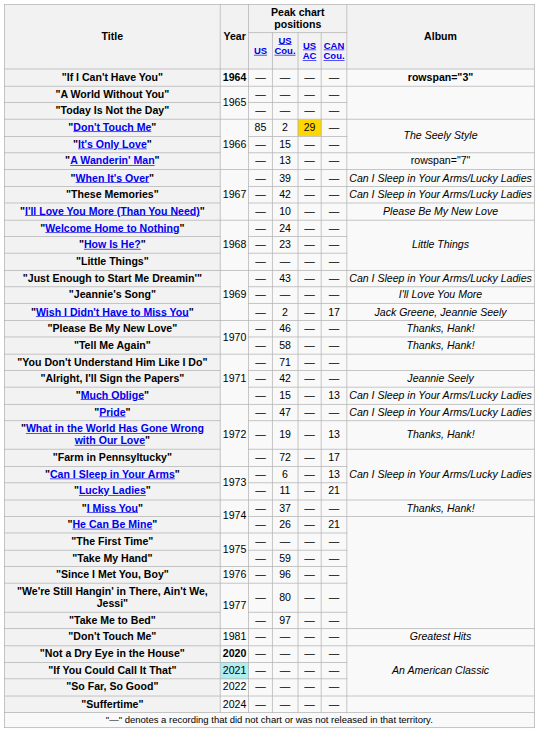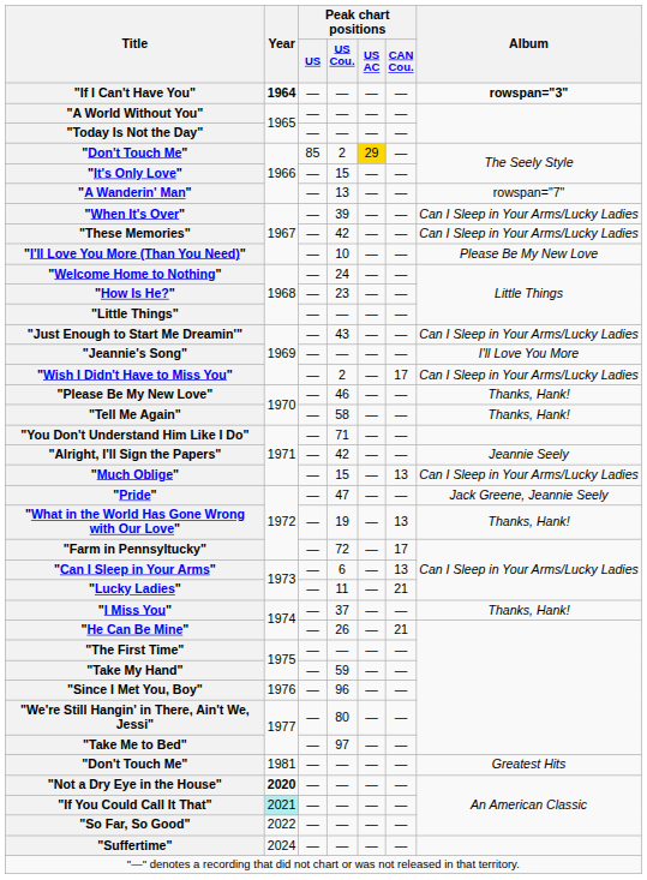 <table class="wikitable plainrowheaders" style="text-align:center;" border="1">
 <tr>
 <th scope="col" rowspan="2" style="width:20em;">Title</th>
 <th scope="col" rowspan="2">Year</th>
 <th scope="col" colspan="4">Peak chart positions</th>
 <th scope="col" rowspan="2">Album</th>
 </tr>
 <tr>
 <th scope="col" style="width:2em;font-size:90%;"><a href='#'>US</a><br></th>
 <th scope="col" style="width:2em;font-size:90%;"><a href='#'>US<br>Cou.</a><br><br></th>
 <th scope="col" style="width:2em;font-size:90%;"><a href='#'>US<br>AC</a><br></th>
 <th scope="col" style="width:2em;font-size:90%;"><a href='#'>CAN<br>Cou.</a><br></th>
 </tr>
 <tr>
 <th scope="row">"If I Can't Have You"</th>
 <td><strong>1964</strong></td>
 <td>—</td>
 <td>—</td>
 <td>—</td>
 <td>—</td>
 <td><strong>rowspan="3"</strong></td>
 </tr>
 <tr>
 <th scope="row">"A World Without You"</th>
 <td rowspan="2">1965</td>
 <td>—</td>
 <td>—</td>
 <td>—</td>
 <td>—</td>
 </tr>
 <tr>
 <th scope="row">"Today Is Not the Day"</th>
 <td>—</td>
 <td>—</td>
 <td>—</td>
 <td>—</td>
 </tr>
 <tr>
 <th scope="row">"<a href='#'>Don't Touch Me</a>"</th>
 <td rowspan="3">1966</td>
 <td>85</td>
 <td>2</td>
 <td style="background: gold;">29</td>
 <td>—</td>
 <td rowspan="2"><em>The Seely Style</em></td>
 </tr>
 <tr>
 <th scope="row">"<a href='#'>It's Only Love</a>"</th>
 <td>—</td>
 <td>15</td>
 <td>—</td>
 <td>—</td>
 </tr>
 <tr>
 <th scope="row">"<a href='#'>A Wanderin' Man</a>"</th>
 <td>—</td>
 <td>13</td>
 <td>—</td>
 <td>—</td>
 <td>rowspan="7"</td>
 </tr>
 <tr>
 <th scope="row">"<a href='#'>When It's Over</a>"</th>
 <td rowspan="3">1967</td>
 <td>—</td>
 <td>39</td>
 <td>—</td>
 <td>—</td>
 <td><em>Can I Sleep in Your Arms/Lucky Ladies</em></td>
 </tr>
 <tr>
 <th scope="row">"These Memories"</th>
 <td>—</td>
 <td>42</td>
 <td>—</td>
 <td>—</td>
 <td><em>Can I Sleep in Your Arms/Lucky Ladies</em></td>
 </tr>
 <tr>
 <th scope="row">"<a href='#'>I'll Love You More (Than You Need)</a>"</th>
 <td>—</td>
 <td>10</td>
 <td>—</td>
 <td>—</td>
 <td><em>Please Be My New Love</em></td>
 </tr>
 <tr>
 <th scope="row">"<a href='#'>Welcome Home to Nothing</a>"</th>
 <td rowspan="3">1968</td>
 <td>—</td>
 <td>24</td>
 <td>—</td>
 <td>—</td>
 <td rowspan="3"><em>Little Things</em></td>
 </tr>
 <tr>
 <th scope="row">"<a href='#'>How Is He?</a>"</th>
 <td>—</td>
 <td>23</td>
 <td>—</td>
 <td>—</td>
 </tr>
 <tr>
 <th scope="row">"Little Things"</th>
 <td>—</td>
 <td>—</td>
 <td>—</td>
 <td>—</td>
 </tr>
 <tr>
 <th scope="row">"Just Enough to Start Me Dreamin'"</th>
 <td rowspan="3">1969</td>
 <td>—</td>
 <td>43</td>
 <td>—</td>
 <td>—</td>
 <td><em>Can I Sleep in Your Arms/Lucky Ladies</em></td>
 </tr>
 <tr>
 <th scope="row">"Jeannie's Song"</th>
 <td>—</td>
 <td>—</td>
 <td>—</td>
 <td>—</td>
 <td><em>I'll Love You More</em></td>
 </tr>
 <tr>
 <th scope="row">"<a href='#'>Wish I Didn't Have to Miss You</a>"<br></th>
 <td>—</td>
 <td>2</td>
 <td>—</td>
 <td>17</td>
-<td><em>Jack Greene, Jeannie Seely</em></td>
+<td><em>Can I Sleep in Your Arms/Lucky Ladies</em></td>
 </tr>
 <tr>
 <th scope="row">"Please Be My New Love"</th>
 <td rowspan="2">1970</td>
 <td>—</td>
 <td>46</td>
 <td>—</td>
 <td>—</td>
 <td><em>Thanks, Hank!</em></td>
 </tr>
 <tr>
 <th scope="row">"Tell Me Again"</th>
 <td>—</td>
 <td>58</td>
 <td>—</td>
 <td>—</td>
 <td><em>Thanks, Hank!</em></td>
 </tr>
 <tr>
 <th scope="row">"You Don't Understand Him Like I Do"</th>
 <td rowspan="3">1971</td>
 <td>—</td>
 <td>71</td>
 <td>—</td>
 <td>—</td>
 <td></td>
 </tr>
 <tr>
 <th scope="row">"Alright, I'll Sign the Papers"</th>
 <td>—</td>
 <td>42</td>
 <td>—</td>
 <td>—</td>
 <td><em>Jeannie Seely</em></td>
 </tr>
 <tr>
 <th scope="row">"<a href='#'>Much Oblige</a>" </th>
 <td>—</td>
 <td>15</td>
 <td>—</td>
 <td>13</td>
 <td><em>Can I Sleep in Your Arms/Lucky Ladies</em></td>
 </tr>
 <tr>
 <th scope="row">"<a href='#'>Pride</a>"</th>
 <td rowspan="3">1972</td>
 <td>—</td>
 <td>47</td>
 <td>—</td>
 <td>—</td>
-<td><em>Can I Sleep in Your Arms/Lucky Ladies</em></td>
+<td><em>Jack Greene, Jeannie Seely</em></td>
 </tr>
 <tr>
 <th scope="row">"<a href='#'>What in the World Has Gone Wrong<br>with Our Love</a>" </th>
 <td>—</td>
 <td>19</td>
 <td>—</td>
 <td>13</td>
 <td><em>Thanks, Hank!</em></td>
 </tr>
 <tr>
 <th scope="row">"Farm in Pennsyltucky"</th>
 <td>—</td>
 <td>72</td>
 <td>—</td>
 <td>17</td>
 <td rowspan="3"><em>Can I Sleep in Your Arms/Lucky Ladies</em></td>
 </tr>
 <tr>
 <th scope="row">"<a href='#'>Can I Sleep in Your Arms</a>"</th>
 <td rowspan="2">1973</td>
 <td>—</td>
 <td>6</td>
 <td>—</td>
 <td>13</td>
 </tr>
 <tr>
 <th scope="row">"<a href='#'>Lucky Ladies</a>"</th>
 <td>—</td>
 <td>11</td>
 <td>—</td>
 <td>21</td>
 </tr>
 <tr>
 <th scope="row">"<a href='#'>I Miss You</a>"</th>
 <td rowspan="2">1974</td>
 <td>—</td>
 <td>37</td>
 <td>—</td>
 <td>—</td>
 <td><em>Thanks, Hank!</em></td>
 </tr>
 <tr>
 <th scope="row">"<a href='#'>He Can Be Mine</a>"</th>
 <td>—</td>
 <td>26</td>
 <td>—</td>
 <td>21</td>
 </tr>
 <tr>
 <th scope="row">"The First Time"</th>
 <td rowspan="2">1975</td>
 <td>—</td>
 <td>—</td>
 <td>—</td>
 <td>—</td>
 </tr>
 <tr>
 <th scope="row">"Take My Hand"</th>
 <td>—</td>
 <td>59</td>
 <td>—</td>
 <td>—</td>
 </tr>
 <tr>
 <th scope="row">"Since I Met You, Boy"</th>
 <td>1976</td>
 <td>—</td>
 <td>96</td>
 <td>—</td>
 <td>—</td>
 </tr>
 <tr>
 <th scope="row">"We're Still Hangin' in There, Ain't We, Jessi"</th>
 <td rowspan="2">1977</td>
 <td>—</td>
 <td>80</td>
 <td>—</td>
 <td>—</td>
 </tr>
 <tr>
 <th scope="row">"Take Me to Bed"</th>
 <td>—</td>
 <td>97</td>
 <td>—</td>
 <td>—</td>
 </tr>
 <tr>
 <th scope="row">"Don't Touch Me" </th>
 <td>1981</td>
 <td>—</td>
 <td>—</td>
 <td>—</td>
 <td>—</td>
 <td><em>Greatest Hits</em></td>
 </tr>
 <tr>
 <th scope="row">"Not a Dry Eye in the House"<br></th>
 <td><strong>2020</strong></td>
 <td>—</td>
 <td>—</td>
 <td>—</td>
 <td>—</td>
 <td rowspan="3"><em>An American Classic</em></td>
 </tr>
 <tr>
 <th scope="row">"If You Could Call It That"<br></th>
 <td style="background: paleturquoise;">2021</td>
 <td>—</td>
 <td>—</td>
 <td>—</td>
 <td>—</td>
 </tr>
 <tr>
 <th scope="row">"So Far, So Good"<br></th>
 <td>2022</td>
 <td>—</td>
 <td>—</td>
 <td>—</td>
 <td>—</td>
 </tr>
 <tr>
 <th scope="row">"Suffertime"</th>
 <td>2024</td>
 <td>—</td>
 <td>—</td>
 <td>—</td>
 <td>—</td>
 <td></td>
 </tr>
 <tr>
 <td colspan="7" style="font-size:90%">"—" denotes a recording that did not chart or was not released in that territory.</td>
 </tr>
 </table>
